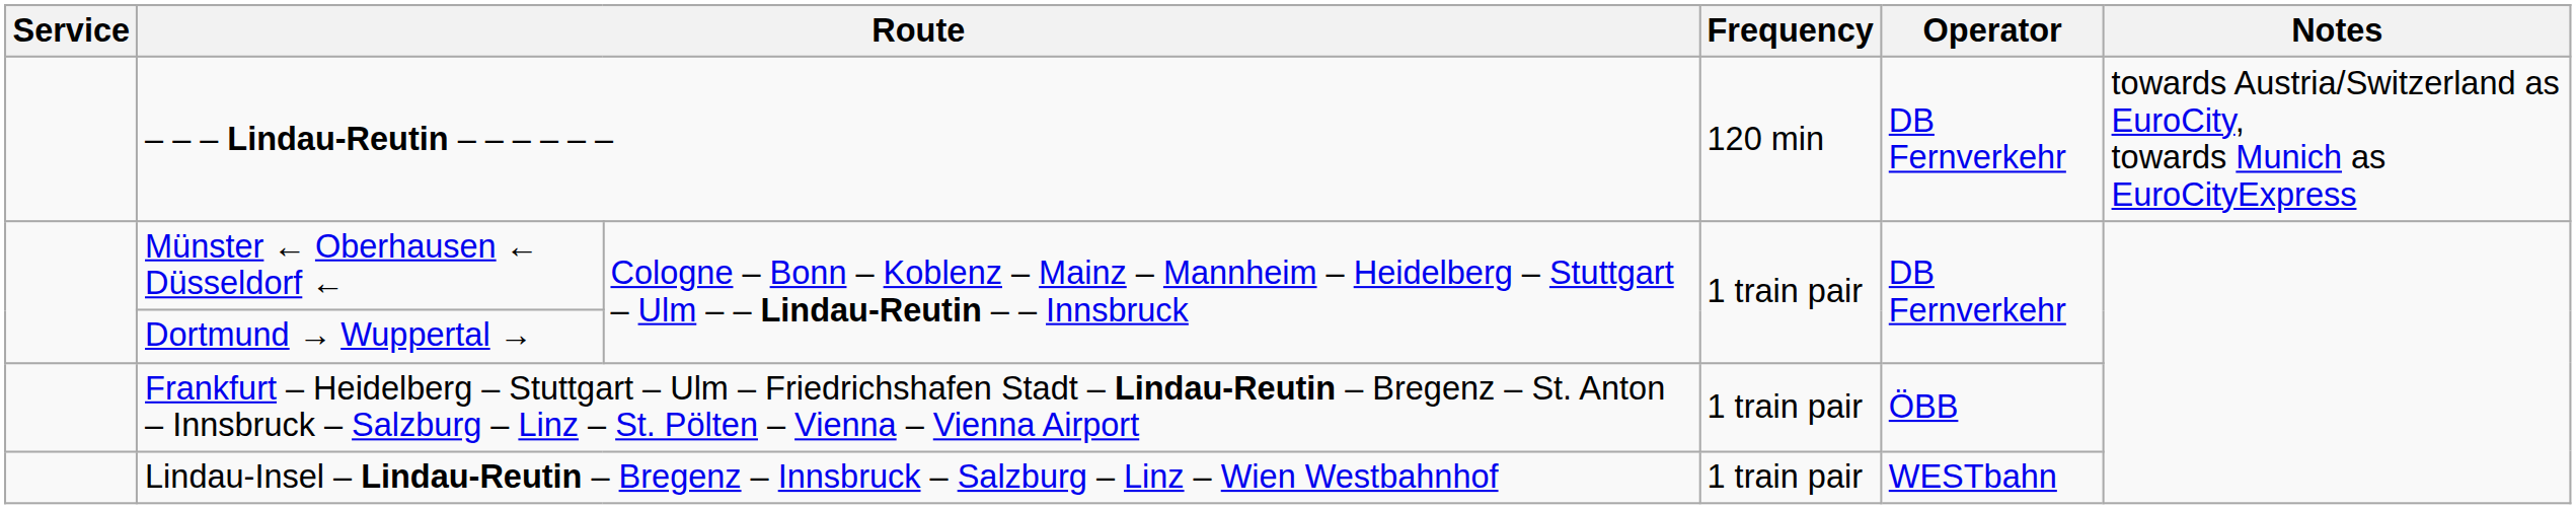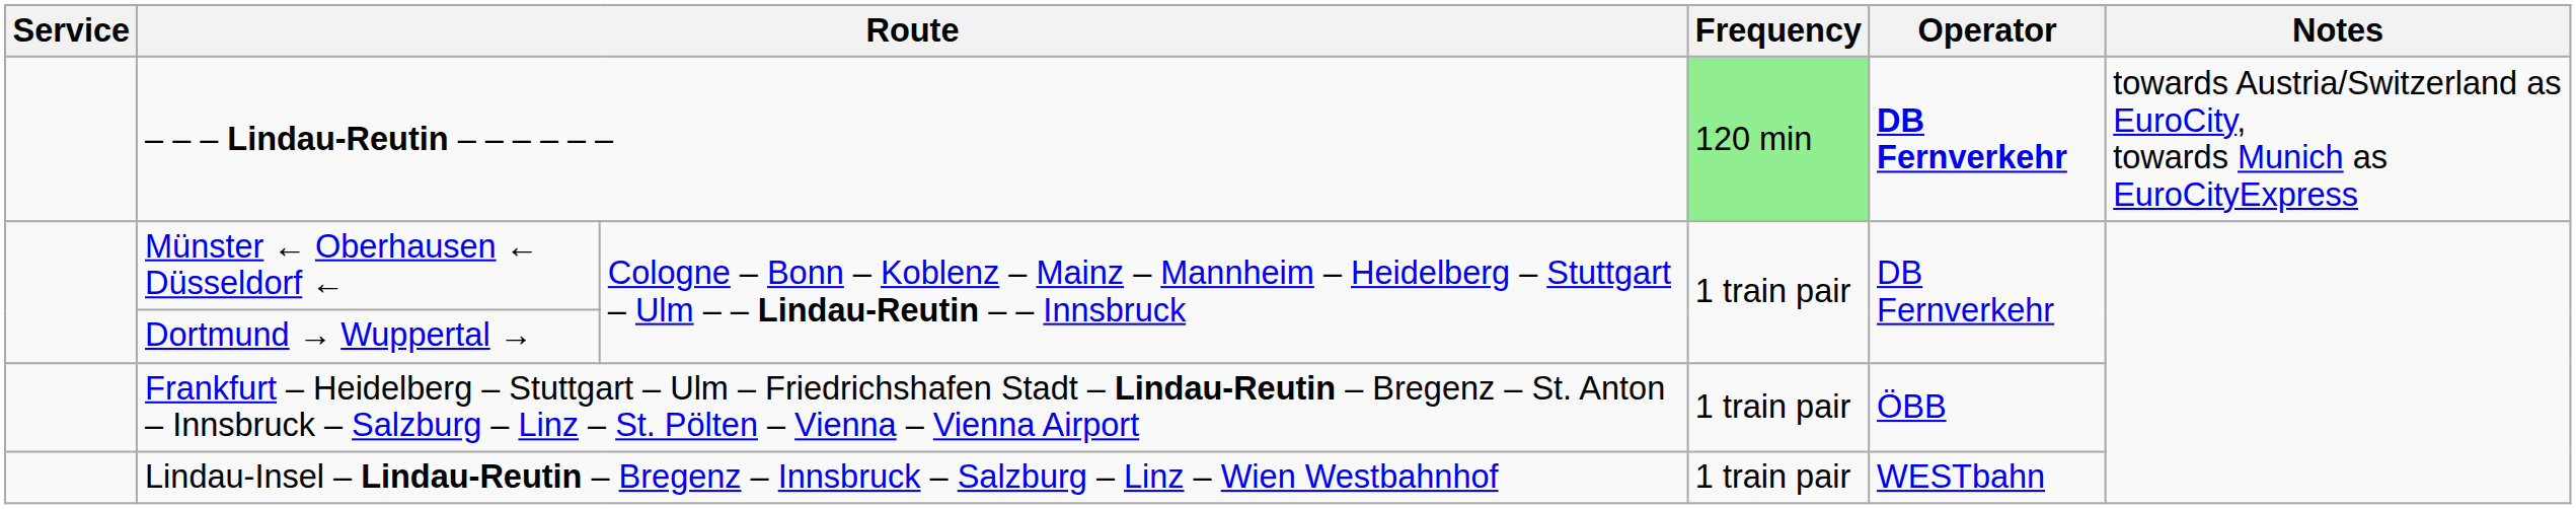 <table class="wikitable">
 <tr>
 <th>Service</th>
 <th colspan=2>Route</th>
 <th>Frequency</th>
 <th>Operator</th>
 <th>Notes</th>
 </tr>
 <tr>
 <td></td>
 <td colspan=2> –  –  – <strong>Lindau-Reutin</strong> –  –  –  –  –  – </td>
-<td>120 min</td>
-<td><a href='#'>DB Fernverkehr</a></td>
+<td style="background: lightgreen;">120 min</td>
+<td><strong><a href='#'>DB Fernverkehr</a></strong></td>
 <td>towards Austria/Switzerland as <a href='#'>EuroCity</a>,<br>towards <a href='#'>Munich</a> as <a href='#'>EuroCityExpress</a></td>
 </tr>
 <tr>
 <td rowspan=2></td>
 <td><a href='#'>Münster</a> ← <a href='#'>Oberhausen</a> ← <a href='#'>Düsseldorf</a> ←</td>
 <td rowspan="2"><a href='#'>Cologne</a> – <a href='#'>Bonn</a> – <a href='#'>Koblenz</a> – <a href='#'>Mainz</a> – <a href='#'>Mannheim</a> – <a href='#'>Heidelberg</a> – <a href='#'>Stuttgart</a> – <a href='#'>Ulm</a> –  – <strong>Lindau-Reutin</strong> –  –  <a href='#'>Innsbruck</a></td>
 <td rowspan="2">1 train pair</td>
 <td rowspan="2"><a href='#'>DB Fernverkehr</a></td>
 <td rowspan=4></td>
 </tr>
 <tr>
 <td><a href='#'>Dortmund</a> → <a href='#'>Wuppertal</a> →</td>
 </tr>
 <tr>
 <td></td>
 <td colspan=2><a href='#'>Frankfurt</a> – Heidelberg – Stuttgart – Ulm – Friedrichshafen Stadt – <strong>Lindau-Reutin</strong> – Bregenz – St. Anton – Innsbruck –  <a href='#'>Salzburg</a> – <a href='#'>Linz</a> – <a href='#'>St. Pölten</a>  – <a href='#'>Vienna</a> – <a href='#'>Vienna Airport</a></td>
 <td>1 train pair</td>
 <td><a href='#'>ÖBB</a></td>
 </tr>
 <tr>
 <td></td>
 <td colspan=2>Lindau-Insel – <strong>Lindau-Reutin</strong> – <a href='#'>Bregenz</a> – <a href='#'>Innsbruck</a> – <a href='#'>Salzburg</a> – <a href='#'>Linz</a> – <a href='#'>Wien Westbahnhof</a></td>
 <td>1 train pair</td>
 <td><a href='#'>WESTbahn</a></td>
 </tr>
 </table>
